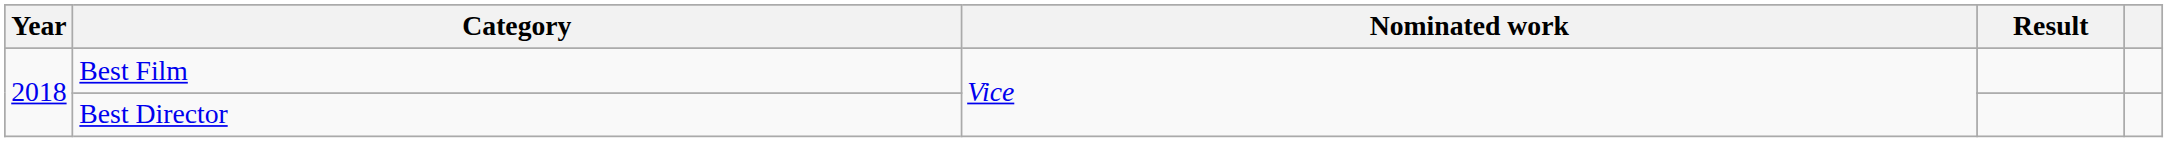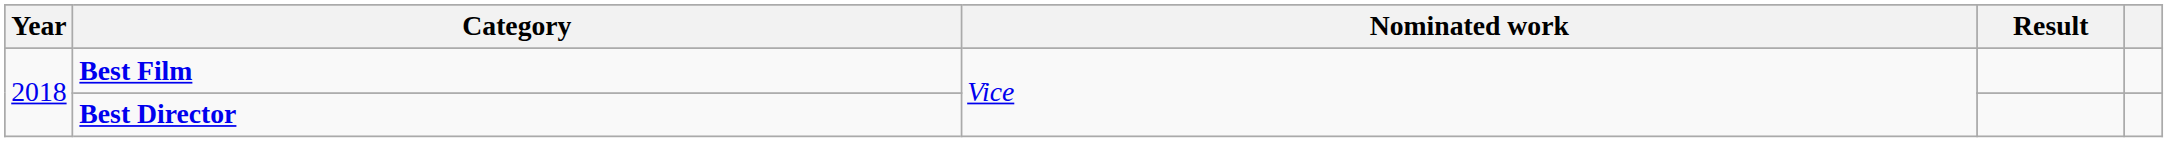 <table class=wikitable>
 <tr>
 <th scope="col" style="width:1em;">Year</th>
 <th scope="col" style="width:34em;">Category</th>
 <th scope="col" style="width:39em;">Nominated work</th>
 <th scope="col" style="width:5em;">Result</th>
 <th scope="col" style="width:1em;"></th>
 </tr>
 <tr>
 <td rowspan="2"><a href='#'>2018</a></td>
-<td><a href='#'>Best Film</a></td>
+<td><strong><a href='#'>Best Film</a></strong></td>
 <td rowspan="2"><em><a href='#'>Vice</a></em></td>
 <td></td>
 <td></td>
 </tr>
 <tr>
-<td><a href='#'>Best Director</a></td>
+<td><strong><a href='#'>Best Director</a></strong></td>
 <td></td>
 <td></td>
 </tr>
 </table>
